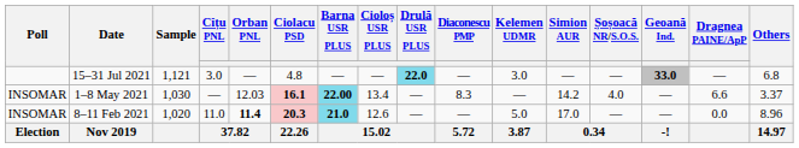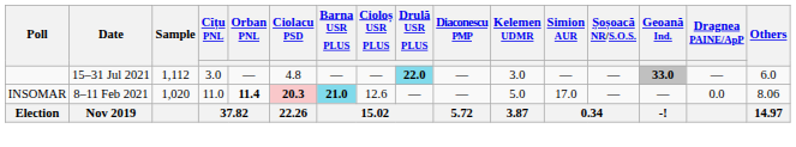 <table class="wikitable sortable" style="text-align:center;font-size:85%;line-height:14px;">
 <tr>
 <th rowspan="2">Poll</th>
 <th rowspan="2">Date</th>
 <th rowspan="2" style="width:35px;">Sample</th>
 <th class="unsortable" style="width:20px;"><a href='#'>Cîțu</a><br><sup><a href='#'>PNL</a></sup></th>
 <th class="unsortable" style="width:20px;"><a href='#'>Orban</a><br><sup><a href='#'>PNL</a></sup></th>
 <th class="unsortable" style="width:20px;"><a href='#'>Ciolacu</a><br><sup><a href='#'>PSD</a></sup></th>
 <th class="unsortable" style="width:20px;"><a href='#'>Barna</a><br><sup><a href='#'>USR PLUS</a></sup></th>
 <th class="unsortable" style="width:20px;"><a href='#'>Cioloș</a><br><sup><a href='#'>USR PLUS</a></sup></th>
 <th class="unsortable" style="width:20px;"><a href='#'>Drulă</a><br><sup><a href='#'>USR PLUS</a></sup></th>
 <th class="unsortable" style="width:20px;letter-spacing:-1px;"><a href='#'>Diaconescu</a><br><sup><a href='#'>PMP</a></sup></th>
 <th class="unsortable" style="width:20px;"><a href='#'>Kelemen</a><br><sup><a href='#'>UDMR</a></sup></th>
 <th class="unsortable" style="width:20px;"><a href='#'>Simion</a><br><sup><a href='#'>AUR</a></sup></th>
 <th class="unsortable" style="width:20px;"><a href='#'>Șoșoacă</a><br><sup><a href='#'>NR</a>/<a href='#'>S.O.S.</a></sup></th>
 <th class="unsortable" style="width:20px;"><a href='#'>Geoană</a><br><sup><a href='#'>Ind.</a></sup></th>
 <th class="unsortable" style="width:20px;"><a href='#'>Dragnea</a><br><small><a href='#'>PAINE/ApP</a></small></th>
 <th rowspan="2"><strong><a href='#'>Others</a></strong></th>
 </tr>
 <tr>
 <th colspan="2" style="background:"></th>
 <th style="background:"></th>
 <th colspan="3" style="background:"></th>
 <th style="background:"></th>
 <th style="background:"></th>
 <th style="background:"></th>
 <th style="background:"></th>
 <th style="background:"></th>
 <th style="background:"></th>
 </tr>
 <tr>
 <td></td>
 <td>15–31 Jul 2021</td>
-<td>1,121</td>
+<td>1,112</td>
 <td>3.0</td>
 <td>—</td>
 <td>4.8</td>
 <td>—</td>
 <td>—</td>
 <td style="background:#80DAEB"><strong>22.0</strong></td>
 <td>—</td>
 <td>3.0</td>
 <td>—</td>
 <td>—</td>
 <td style="background:#C0C0C0"><strong>33.0</strong></td>
 <td>—</td>
-<td>6.8</td>
-</tr>
-<tr>
-<td>INSOMAR</td>
-<td>1–8 May 2021</td>
-<td>1,030</td>
-<td>—</td>
-<td>12.03</td>
-<td style="background:#F9C8CA"><strong>16.1</strong></td>
-<td style="background:#80DAEB"><strong>22.00</strong></td>
-<td>13.4</td>
-<td>—</td>
-<td>8.3</td>
-<td>—</td>
-<td>14.2</td>
-<td>4.0</td>
-<td>—</td>
-<td>6.6</td>
-<td>3.37</td>
+<td>6.0</td>
 </tr>
 <tr>
 <td>INSOMAR</td>
 <td>8–11 Feb 2021</td>
 <td>1,020</td>
 <td>11.0</td>
 <td><strong>11.4</strong></td>
 <td style="background:#F9C8CA"><strong>20.3</strong></td>
 <td style="background:#80DAEB"><strong>21.0</strong></td>
 <td>12.6</td>
 <td>—</td>
 <td>—</td>
 <td>5.0</td>
 <td>17.0</td>
 <td>—</td>
 <td>—</td>
 <td>0.0</td>
-<td>8.96</td>
+<td>8.06</td>
 </tr>
 <tr>
 <th>Election</th>
 <th>Nov 2019</th>
 <th></th>
 <th colspan="2">37.82</th>
 <th>22.26</th>
 <th colspan="3">15.02</th>
 <th>5.72</th>
 <th>3.87</th>
 <th colspan="2">0.34</th>
 <th>-! </th>
 <th></th>
 <th>14.97</th>
 </tr>
 </table>
